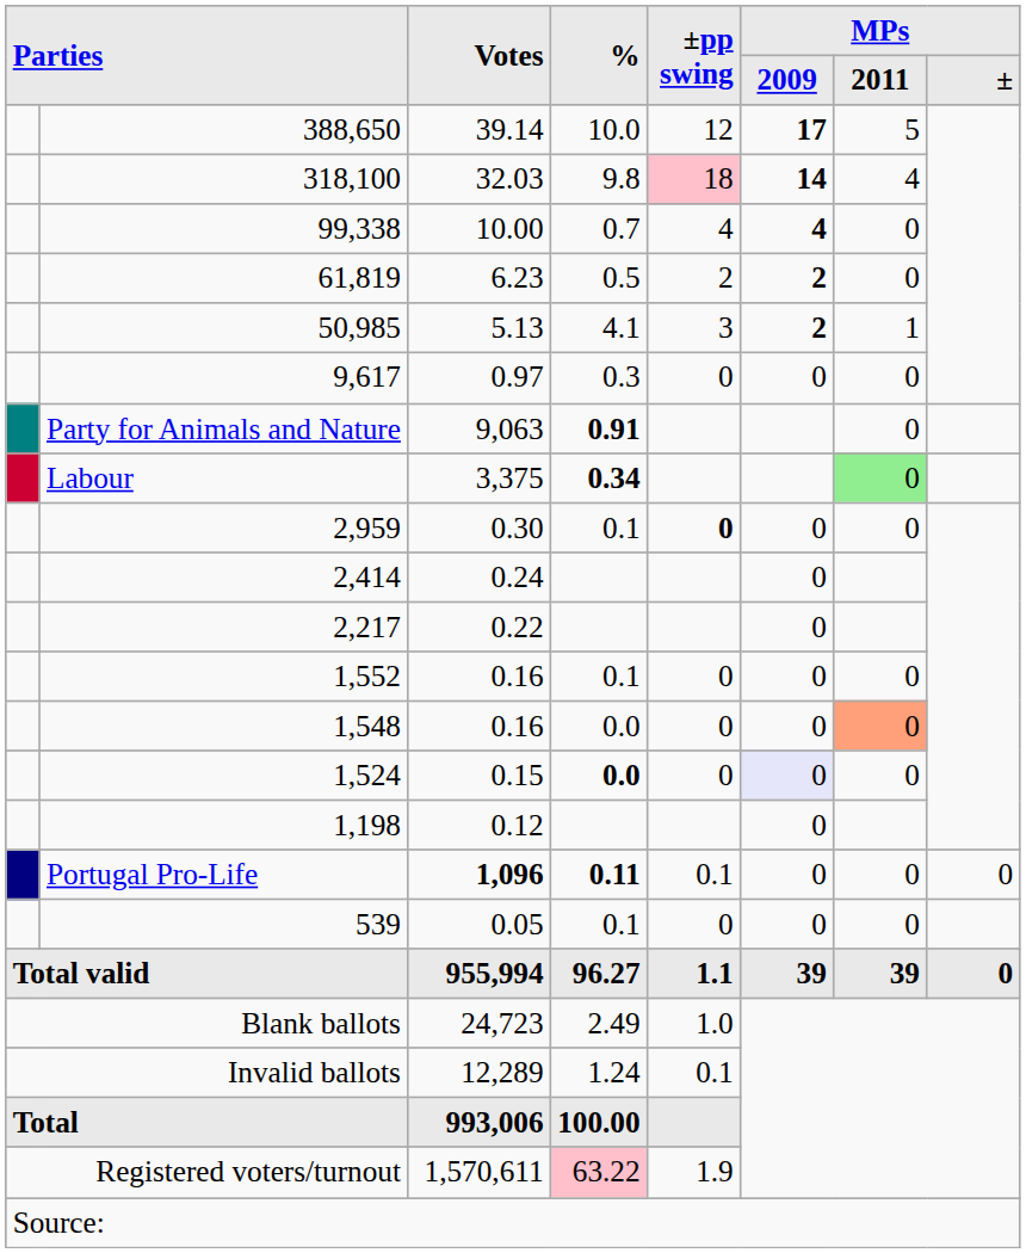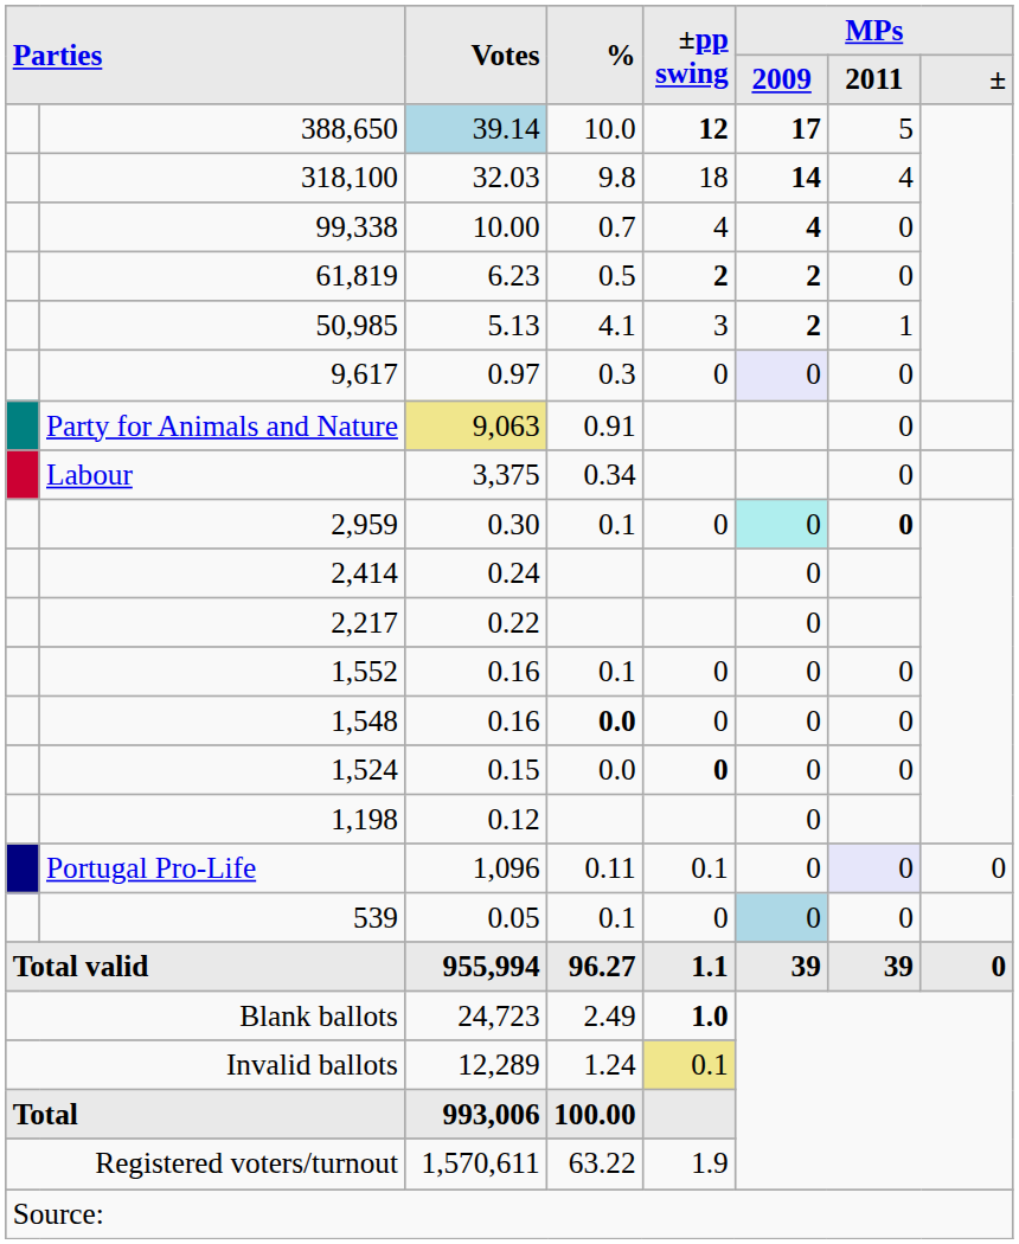 <table class="wikitable" style="text-align:right; font-size:95%;">
 <tr>
 <th rowspan="2" colspan="2" style="background:#e9e9e9; text-align:left;" alignleft><a href='#'>Parties</a></th>
 <th rowspan="2" style="background:#e9e9e9; text-align:right;">Votes</th>
 <th rowspan="2" style="background:#e9e9e9; text-align:right;">%</th>
 <th rowspan="2" style="background:#e9e9e9; text-align:right;">±<a href='#'>pp</a> <a href='#'>swing</a></th>
 <th colspan="3" style="background:#e9e9e9; text-align:center;"><a href='#'>MPs</a></th>
 </tr>
 <tr style="background-color:#E9E9E9">
 <th style="background-color:#E9E9E9;text-align:center;"><a href='#'>2009</a></th>
 <th style="background-color:#E9E9E9;text-align:center;">2011</th>
 <th style="background:#e9e9e9; text-align:right;">±</th>
 </tr>
 <tr>
 <td></td>
 <td>388,650</td>
-<td>39.14</td>
+<td style="background: lightblue;">39.14</td>
 <td>10.0</td>
-<td>12</td>
+<td><strong>12</strong></td>
 <td><strong>17</strong></td>
 <td>5</td>
 </tr>
 <tr>
 <td></td>
 <td>318,100</td>
 <td>32.03</td>
 <td>9.8</td>
-<td style="background: pink;">18</td>
+<td>18</td>
 <td><strong>14</strong></td>
 <td>4</td>
 </tr>
 <tr>
 <td></td>
 <td>99,338</td>
 <td>10.00</td>
 <td>0.7</td>
 <td>4</td>
 <td><strong>4</strong></td>
 <td>0</td>
 </tr>
 <tr>
 <td></td>
 <td>61,819</td>
 <td>6.23</td>
 <td>0.5</td>
-<td>2</td>
+<td><strong>2</strong></td>
 <td><strong>2</strong></td>
 <td>0</td>
 </tr>
 <tr>
 <td></td>
 <td>50,985</td>
 <td>5.13</td>
 <td>4.1</td>
 <td>3</td>
 <td><strong>2</strong></td>
 <td>1</td>
 </tr>
 <tr>
 <td></td>
 <td>9,617</td>
 <td>0.97</td>
 <td>0.3</td>
 <td>0</td>
-<td>0</td>
+<td style="background: lavender;">0</td>
 <td>0</td>
 </tr>
 <tr>
 <td style="width: 10px" bgcolor="teal" align="center"></td>
 <td align="left"><a href='#'>Party for Animals and Nature</a></td>
-<td>9,063</td>
-<td><strong>0.91</strong></td>
+<td style="background: khaki;">9,063</td>
+<td>0.91</td>
 <td></td>
 <td></td>
 <td>0</td>
 <td></td>
 </tr>
 <tr>
 <td style="width: 10px" bgcolor=#CC0033 align="center"></td>
 <td align=left><a href='#'>Labour</a></td>
 <td>3,375</td>
-<td><strong>0.34</strong></td>
+<td>0.34</td>
 <td></td>
 <td></td>
-<td style="background: lightgreen;">0</td>
+<td>0</td>
 <td></td>
 </tr>
 <tr>
 <td></td>
 <td>2,959</td>
 <td>0.30</td>
 <td>0.1</td>
+<td>0</td>
+<td style="background: paleturquoise;">0</td>
 <td><strong>0</strong></td>
-<td>0</td>
-<td>0</td>
 </tr>
 <tr>
 <td></td>
 <td>2,414</td>
 <td>0.24</td>
 <td></td>
 <td></td>
 <td>0</td>
 <td></td>
 </tr>
 <tr>
 <td></td>
 <td>2,217</td>
 <td>0.22</td>
 <td></td>
 <td></td>
 <td>0</td>
 <td></td>
 </tr>
 <tr>
 <td></td>
 <td>1,552</td>
 <td>0.16</td>
 <td>0.1</td>
 <td>0</td>
 <td>0</td>
 <td>0</td>
 </tr>
 <tr>
 <td></td>
 <td>1,548</td>
 <td>0.16</td>
-<td>0.0</td>
+<td><strong>0.0</strong></td>
 <td>0</td>
 <td>0</td>
-<td style="background: lightsalmon;">0</td>
+<td>0</td>
 </tr>
 <tr>
 <td></td>
 <td>1,524</td>
 <td>0.15</td>
-<td><strong>0.0</strong></td>
+<td>0.0</td>
+<td><strong>0</strong></td>
 <td>0</td>
-<td style="background: lavender;">0</td>
 <td>0</td>
 </tr>
 <tr>
 <td></td>
 <td>1,198</td>
 <td>0.12</td>
 <td></td>
 <td></td>
 <td>0</td>
 <td></td>
 </tr>
 <tr>
 <td style="width:10px;background-color:#000080;text-align:center;"></td>
 <td style="text-align:left;"><a href='#'>Portugal Pro-Life</a></td>
-<td><strong>1,096</strong></td>
-<td><strong>0.11</strong></td>
+<td>1,096</td>
+<td>0.11</td>
 <td>0.1</td>
 <td>0</td>
-<td>0</td>
+<td style="background: lavender;">0</td>
 <td>0</td>
 </tr>
 <tr>
 <td></td>
 <td>539</td>
 <td>0.05</td>
 <td>0.1</td>
 <td>0</td>
-<td>0</td>
+<td style="background: lightblue;">0</td>
 <td>0</td>
 </tr>
 <tr>
 <td colspan=2 align=left style="background-color:#E9E9E9"><strong>Total valid</strong></td>
 <td width="65" align="right" style="background-color:#E9E9E9"><strong>955,994</strong></td>
 <td width="40" align="right" style="background-color:#E9E9E9"><strong>96.27</strong></td>
 <td width="40" align="right" style="background-color:#E9E9E9"><strong>1.1</strong></td>
 <td width="40" align="right" style="background-color:#E9E9E9"><strong>39</strong></td>
 <td width="40" align="right" style="background-color:#E9E9E9"><strong>39</strong></td>
 <td width="40" align="right" style="background-color:#E9E9E9"><strong>0</strong></td>
 </tr>
 <tr>
 <td colspan=2>Blank ballots</td>
 <td>24,723</td>
 <td>2.49</td>
-<td>1.0</td>
+<td><strong>1.0</strong></td>
 <td colspan=4 rowspan=4></td>
 </tr>
 <tr>
 <td colspan=2>Invalid ballots</td>
 <td>12,289</td>
 <td>1.24</td>
-<td>0.1</td>
+<td style="background: khaki;">0.1</td>
 </tr>
 <tr>
 <td colspan=2 align=left style="background-color:#E9E9E9"><strong>Total</strong></td>
 <td width="50" align="right" style="background-color:#E9E9E9"><strong>993,006</strong></td>
 <td width="40" align="right" style="background-color:#E9E9E9"><strong>100.00</strong></td>
 <td width="40" align="right" style="background-color:#E9E9E9"></td>
 </tr>
 <tr>
 <td colspan=2>Registered voters/turnout</td>
 <td>1,570,611</td>
-<td style="background: pink;">63.22</td>
+<td>63.22</td>
 <td>1.9</td>
 </tr>
 <tr>
 <td colspan=11 align=left>Source: </td>
 </tr>
 </table>
